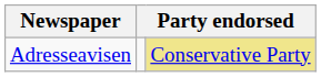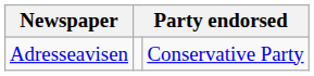 <table class="wikitable">
 <tr>
 <th>Newspaper</th>
 <th colspan=2>Party endorsed</th>
 </tr>
 <tr>
 <td><a href='#'>Adresseavisen</a></td>
 <td bgcolor=></td>
-<td style="background: khaki;"><a href='#'>Conservative Party</a></td>
+<td><a href='#'>Conservative Party</a></td>
 </tr>
 </table>
